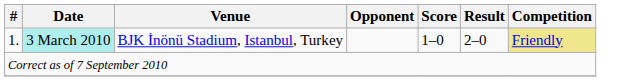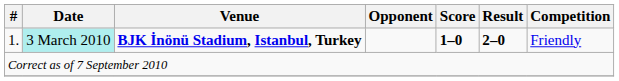 <table class="wikitable">
 <tr>
 <th>#</th>
 <th>Date</th>
 <th>Venue</th>
 <th>Opponent</th>
 <th>Score</th>
 <th>Result</th>
 <th>Competition</th>
 </tr>
 <tr>
 <td>1.</td>
 <td style="background: paleturquoise;">3 March 2010</td>
-<td><a href='#'>BJK İnönü Stadium</a>, <a href='#'>Istanbul</a>, Turkey</td>
+<td><strong><a href='#'>BJK İnönü Stadium</a>, <a href='#'>Istanbul</a>, Turkey</strong></td>
 <td></td>
-<td>1–0</td>
-<td>2–0</td>
-<td style="background: khaki;"><a href='#'>Friendly</a></td>
+<td><strong>1–0</strong></td>
+<td><strong>2–0</strong></td>
+<td><a href='#'>Friendly</a></td>
 </tr>
 <tr>
 <td colspan="12"><small><em>Correct as of 7 September 2010</em></small></td>
 </tr>
 <tr>
 </tr>
 </table>
